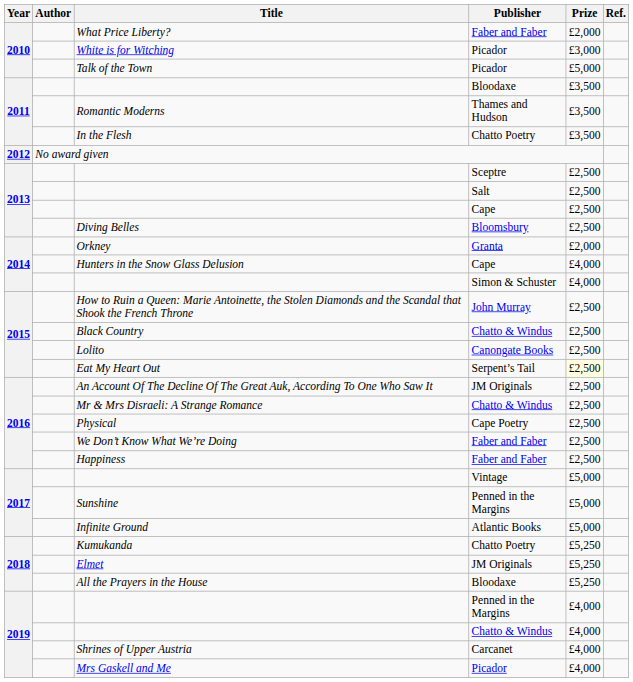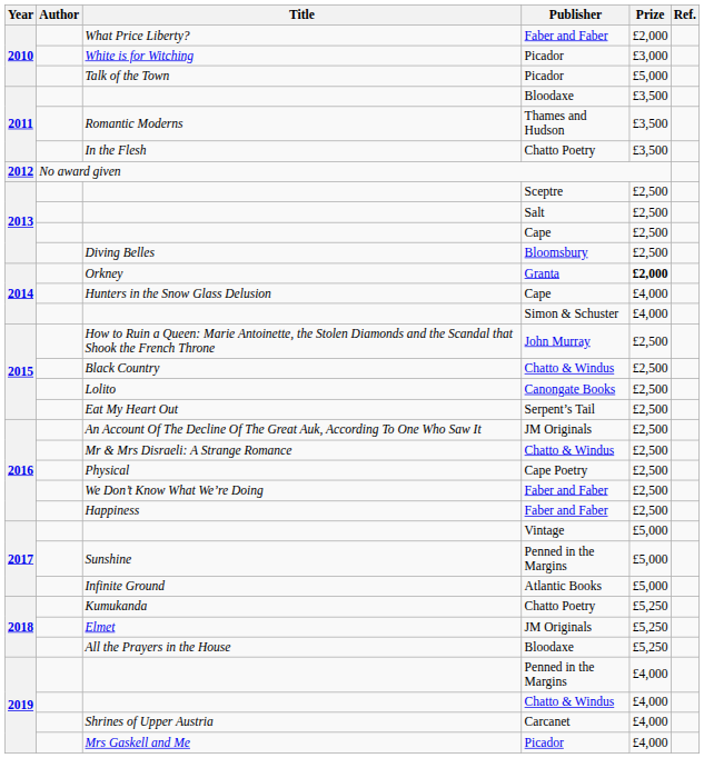 <table class="wikitable sortable mw-collapsible">
 <tr>
 <th>Year</th>
 <th>Author</th>
 <th>Title</th>
 <th>Publisher</th>
 <th>Prize</th>
 <th>Ref.</th>
 </tr>
 <tr>
 <th rowspan="3"><a href='#'>2010</a></th>
 <td></td>
 <td><em>What Price Liberty?</em></td>
 <td><a href='#'>Faber and Faber</a></td>
 <td>£2,000</td>
 <td></td>
 </tr>
 <tr>
 <td></td>
 <td><em><a href='#'>White is for Witching</a></em></td>
 <td>Picador</td>
 <td>£3,000</td>
 <td></td>
 </tr>
 <tr>
 <td></td>
 <td><em>Talk of the Town</em></td>
 <td>Picador</td>
 <td>£5,000</td>
 <td></td>
 </tr>
 <tr>
 <th rowspan="3"><a href='#'>2011</a></th>
 <td></td>
 <td><em></em></td>
 <td>Bloodaxe</td>
 <td>£3,500</td>
 <td></td>
 </tr>
 <tr>
 <td></td>
 <td><em>Romantic Moderns</em></td>
 <td>Thames and Hudson</td>
 <td>£3,500</td>
 <td></td>
 </tr>
 <tr>
 <td></td>
 <td><em>In the Flesh</em></td>
 <td>Chatto Poetry</td>
 <td>£3,500</td>
 <td></td>
 </tr>
 <tr>
 <th><a href='#'>2012</a></th>
 <td colspan="4"><em>No award given</em></td>
 <td></td>
 </tr>
 <tr>
 <th rowspan="4"><a href='#'>2013</a></th>
 <td></td>
 <td><em></em></td>
 <td>Sceptre</td>
 <td>£2,500</td>
 <td></td>
 </tr>
 <tr>
 <td></td>
 <td><em></em></td>
 <td>Salt</td>
 <td>£2,500</td>
 <td></td>
 </tr>
 <tr>
 <td></td>
 <td><em></em></td>
 <td>Cape</td>
 <td>£2,500</td>
 <td></td>
 </tr>
 <tr>
 <td></td>
 <td><em>Diving Belles</em></td>
 <td><a href='#'>Bloomsbury</a></td>
 <td>£2,500</td>
 <td></td>
 </tr>
 <tr>
 <th rowspan="3"><a href='#'>2014</a></th>
 <td></td>
 <td><em>Orkney</em></td>
 <td><a href='#'>Granta</a></td>
-<td>£2,000</td>
+<td><strong>£2,000</strong></td>
 <td></td>
 </tr>
 <tr>
 <td></td>
 <td><em>Hunters in the Snow Glass Delusion</em></td>
 <td>Cape</td>
 <td>£4,000</td>
 <td></td>
 </tr>
 <tr>
 <td></td>
 <td><em></em></td>
 <td>Simon & Schuster</td>
 <td>£4,000</td>
 <td></td>
 </tr>
 <tr>
 <th rowspan="4"><a href='#'>2015</a></th>
 <td></td>
 <td><em>How to Ruin a Queen: Marie Antoinette, the Stolen Diamonds and the Scandal that Shook the French Throne</em></td>
 <td><a href='#'>John Murray</a></td>
 <td>£2,500</td>
 <td></td>
 </tr>
 <tr>
 <td></td>
 <td><em>Black Country</em></td>
 <td><a href='#'>Chatto & Windus</a></td>
 <td>£2,500</td>
 <td></td>
 </tr>
 <tr>
 <td></td>
 <td><em>Lolito</em></td>
 <td><a href='#'>Canongate Books</a></td>
 <td>£2,500</td>
 <td></td>
 </tr>
 <tr>
 <td></td>
 <td><em>Eat My Heart Out</em></td>
 <td>Serpent’s Tail</td>
-<td style="background: lightyellow;">£2,500</td>
+<td>£2,500</td>
 <td></td>
 </tr>
 <tr>
 <th rowspan="5"><a href='#'>2016</a></th>
 <td></td>
 <td><em>An Account Of The Decline Of The Great Auk, According To One Who Saw It</em></td>
 <td>JM Originals</td>
 <td>£2,500</td>
 <td></td>
 </tr>
 <tr>
 <td></td>
 <td><em>Mr & Mrs Disraeli: A Strange Romance</em></td>
 <td><a href='#'>Chatto & Windus</a></td>
 <td>£2,500</td>
 <td></td>
 </tr>
 <tr>
 <td></td>
 <td><em>Physical</em></td>
 <td>Cape Poetry</td>
 <td>£2,500</td>
 <td></td>
 </tr>
 <tr>
 <td></td>
 <td><em>We Don’t Know What We’re Doing</em></td>
 <td><a href='#'>Faber and Faber</a></td>
 <td>£2,500</td>
 <td></td>
 </tr>
 <tr>
 <td></td>
 <td><em>Happiness</em></td>
 <td><a href='#'>Faber and Faber</a></td>
 <td>£2,500</td>
 <td></td>
 </tr>
 <tr>
 <th rowspan="3"><a href='#'>2017</a></th>
 <td></td>
 <td><em></em></td>
 <td>Vintage</td>
 <td>£5,000</td>
 <td></td>
 </tr>
 <tr>
 <td></td>
 <td><em>Sunshine</em></td>
 <td>Penned in the Margins</td>
 <td>£5,000</td>
 <td></td>
 </tr>
 <tr>
 <td></td>
 <td><em>Infinite Ground</em></td>
 <td>Atlantic Books</td>
 <td>£5,000</td>
 <td></td>
 </tr>
 <tr>
 <th rowspan="3"><a href='#'>2018</a></th>
 <td></td>
 <td><em>Kumukanda</em></td>
 <td>Chatto Poetry</td>
 <td>£5,250</td>
 <td></td>
 </tr>
 <tr>
 <td></td>
 <td><em><a href='#'>Elmet</a></em></td>
 <td>JM Originals</td>
 <td>£5,250</td>
 <td></td>
 </tr>
 <tr>
 <td></td>
 <td><em>All the Prayers in the House</em></td>
 <td>Bloodaxe</td>
 <td>£5,250</td>
 <td></td>
 </tr>
 <tr>
 <th rowspan="4"><a href='#'>2019</a></th>
 <td></td>
 <td><em></em></td>
 <td>Penned in the Margins</td>
 <td>£4,000</td>
 <td></td>
 </tr>
 <tr>
 <td></td>
 <td><em></em></td>
 <td><a href='#'>Chatto & Windus</a></td>
 <td>£4,000</td>
 <td></td>
 </tr>
 <tr>
 <td></td>
 <td><em>Shrines of Upper Austria</em></td>
 <td>Carcanet</td>
 <td>£4,000</td>
 <td></td>
 </tr>
 <tr>
 <td></td>
 <td><em><a href='#'>Mrs Gaskell and Me</a></em></td>
 <td><a href='#'>Picador</a></td>
 <td>£4,000</td>
 <td></td>
 </tr>
 </table>
